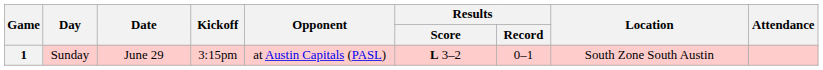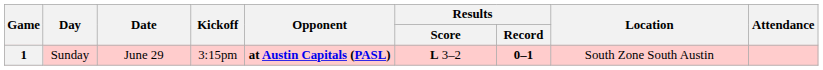 <table class="wikitable">
 <tr>
 <th rowspan="2" width="40">Game</th>
 <th rowspan="2" width="60">Day</th>
 <th rowspan="2" width="110">Date</th>
 <th rowspan="2" width="60">Kickoff</th>
 <th rowspan="2" width="180">Opponent</th>
 <th colspan="2" width="180">Results</th>
 <th rowspan="2" width="240">Location</th>
 <th rowspan="2" width="80">Attendance</th>
 </tr>
 <tr>
 <th width="120">Score</th>
 <th width="60">Record</th>
 </tr>
 <tr align="center" bgcolor="#FFCCCC">
 <th>1</th>
 <td>Sunday</td>
 <td>June 29</td>
 <td>3:15pm</td>
-<td>at <a href='#'>Austin Capitals</a> (<a href='#'>PASL</a>)</td>
+<td><strong>at <a href='#'>Austin Capitals</a> (<a href='#'>PASL</a>)</strong></td>
 <td><strong>L</strong> 3–2</td>
-<td>0–1</td>
+<td><strong>0–1</strong></td>
 <td>South Zone South Austin</td>
 <td></td>
 </tr>
 </table>
